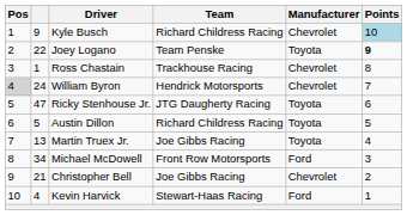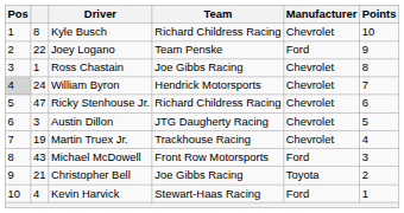 <table class="wikitable" style="font-size:98%">
 <tr>
 <th>Pos</th>
 <th></th>
 <th>Driver</th>
 <th>Team</th>
 <th>Manufacturer</th>
 <th>Points</th>
 </tr>
 <tr>
 <td>1</td>
-<td>9</td>
+<td>8</td>
 <td>Kyle Busch</td>
 <td>Richard Childress Racing</td>
 <td>Chevrolet</td>
-<td style="background: lightblue;">10</td>
+<td>10</td>
 </tr>
 <tr>
 <td>2</td>
 <td>22</td>
 <td>Joey Logano</td>
 <td>Team Penske</td>
-<td>Toyota</td>
-<td><strong>9</strong></td>
+<td>Ford</td>
+<td>9</td>
 </tr>
 <tr>
 <td>3</td>
 <td>1</td>
 <td>Ross Chastain</td>
-<td>Trackhouse Racing</td>
+<td>Joe Gibbs Racing</td>
 <td>Chevrolet</td>
 <td>8</td>
 </tr>
 <tr>
 <td style="background: lightgrey;">4</td>
 <td>24</td>
 <td>William Byron</td>
 <td>Hendrick Motorsports</td>
 <td>Chevrolet</td>
 <td>7</td>
 </tr>
 <tr>
 <td>5</td>
 <td>47</td>
 <td>Ricky Stenhouse Jr.</td>
-<td>JTG Daugherty Racing</td>
-<td>Toyota</td>
+<td>Richard Childress Racing</td>
+<td>Chevrolet</td>
 <td>6</td>
 </tr>
 <tr>
 <td>6</td>
-<td>5</td>
+<td>3</td>
 <td>Austin Dillon</td>
-<td>Richard Childress Racing</td>
-<td>Toyota</td>
+<td>JTG Daugherty Racing</td>
+<td>Chevrolet</td>
 <td>5</td>
 </tr>
 <tr>
 <td>7</td>
-<td>13</td>
+<td>19</td>
 <td>Martin Truex Jr.</td>
-<td>Joe Gibbs Racing</td>
-<td>Toyota</td>
+<td>Trackhouse Racing</td>
+<td>Chevrolet</td>
 <td>4</td>
 </tr>
 <tr>
 <td>8</td>
-<td>34</td>
+<td>43</td>
 <td>Michael McDowell</td>
 <td>Front Row Motorsports</td>
 <td>Ford</td>
 <td>3</td>
 </tr>
 <tr>
 <td>9</td>
 <td>21</td>
 <td>Christopher Bell</td>
 <td>Joe Gibbs Racing</td>
-<td>Chevrolet</td>
+<td>Toyota</td>
 <td>2</td>
 </tr>
 <tr>
 <td>10</td>
 <td>4</td>
 <td>Kevin Harvick</td>
 <td>Stewart-Haas Racing</td>
 <td>Ford</td>
 <td>1</td>
 </tr>
 <tr>
 <th colspan="6"></th>
 </tr>
 </table>
